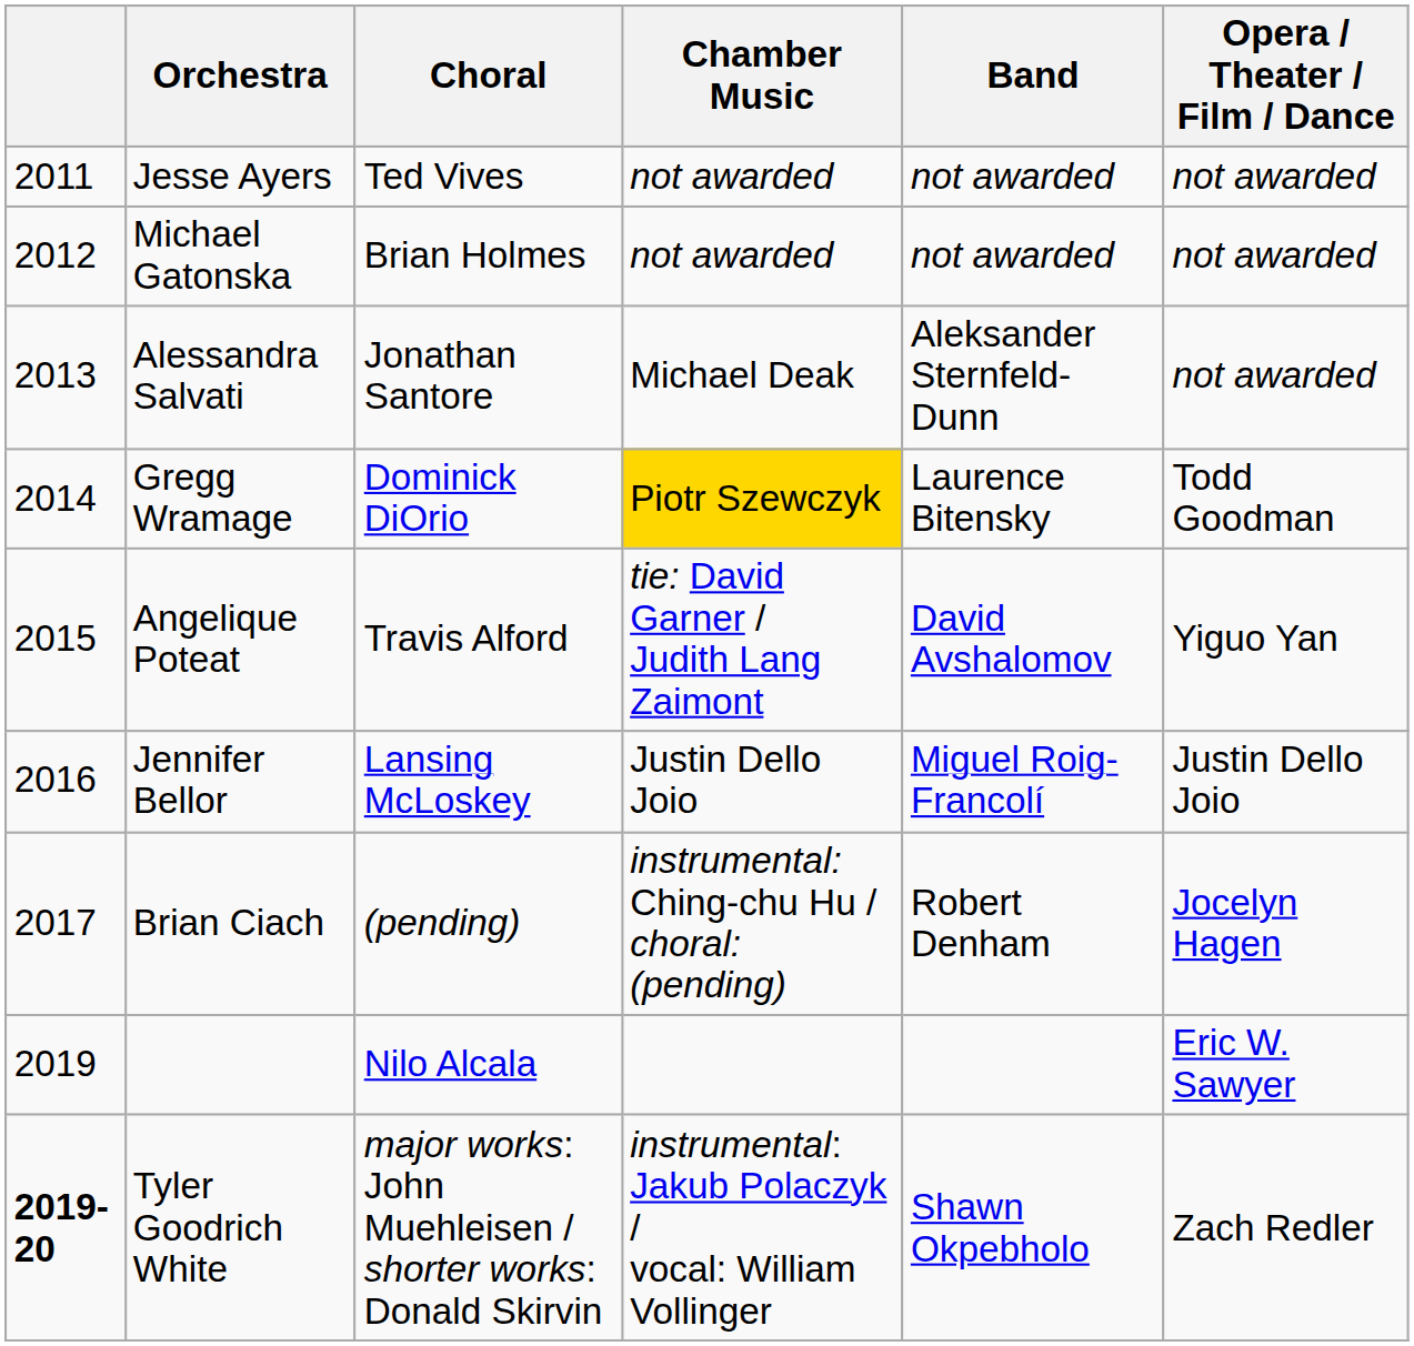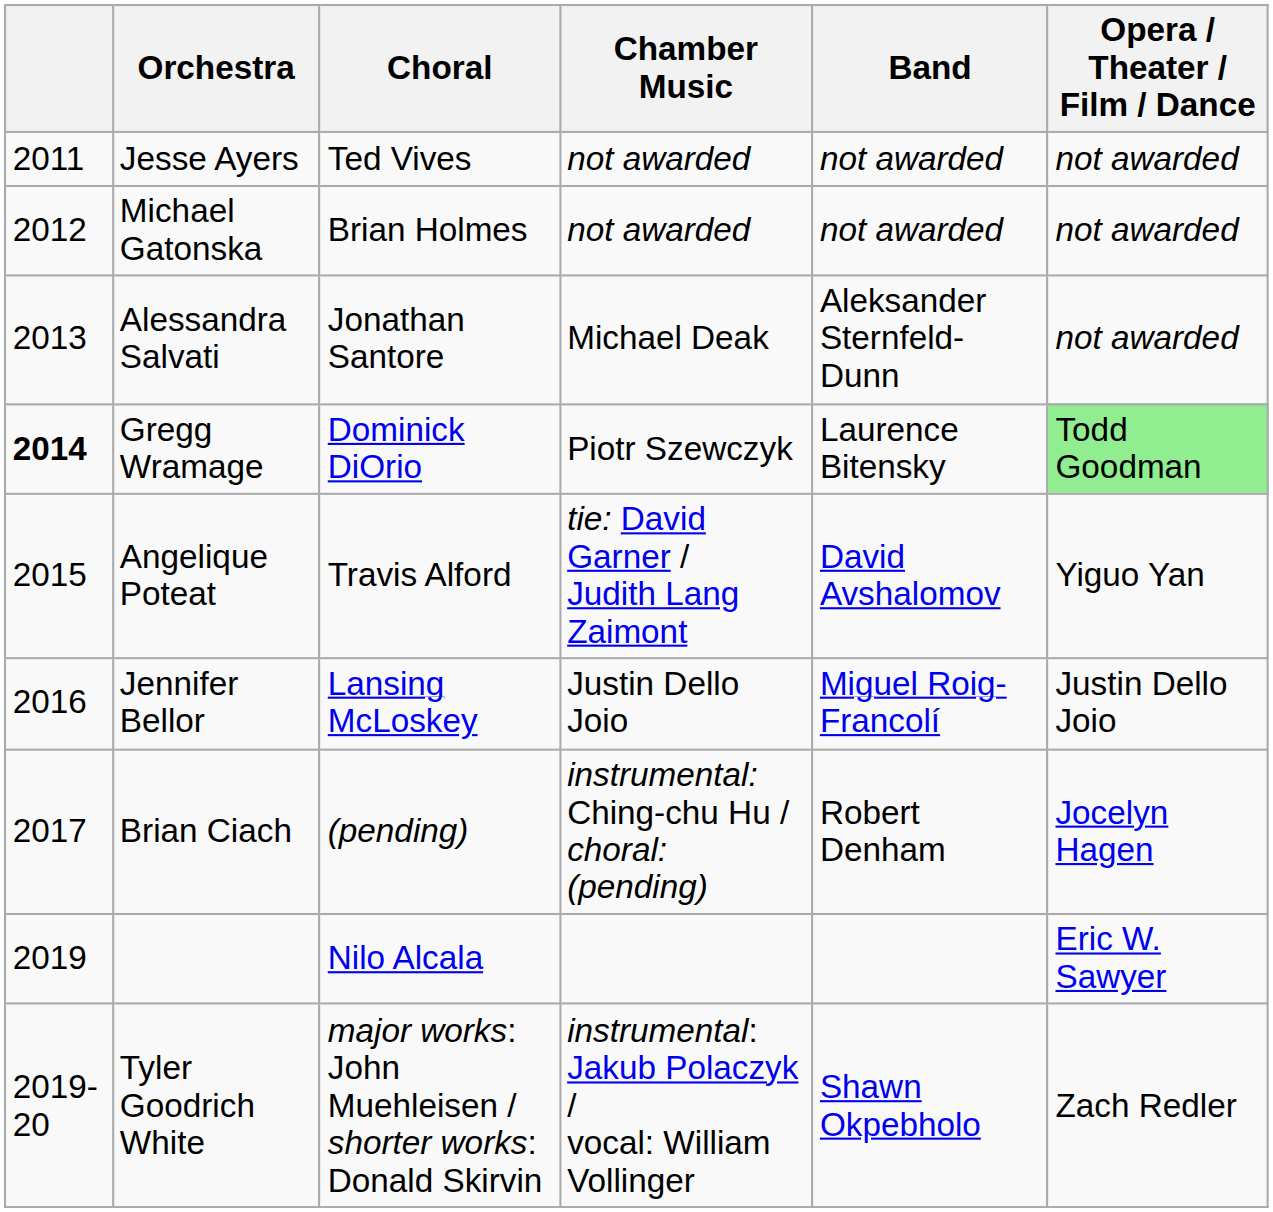 <table class="wikitable">
 <tr>
 <th></th>
 <th>Orchestra</th>
 <th>Choral</th>
 <th>Chamber Music</th>
 <th>Band</th>
 <th>Opera / Theater / Film / Dance</th>
 </tr>
 <tr>
 <td>2011</td>
 <td>Jesse Ayers</td>
 <td>Ted Vives</td>
 <td><em>not awarded</em></td>
 <td><em>not awarded</em></td>
 <td><em>not awarded</em></td>
 </tr>
 <tr>
 <td>2012</td>
 <td>Michael Gatonska</td>
 <td>Brian Holmes</td>
 <td><em>not awarded</em></td>
 <td><em>not awarded</em></td>
 <td><em>not awarded</em></td>
 </tr>
 <tr>
 <td>2013</td>
 <td>Alessandra Salvati</td>
 <td>Jonathan Santore</td>
 <td>Michael Deak</td>
 <td>Aleksander Sternfeld-Dunn</td>
 <td><em>not awarded</em></td>
 </tr>
 <tr>
-<td>2014</td>
+<td><strong>2014</strong></td>
 <td>Gregg Wramage</td>
 <td><a href='#'>Dominick DiOrio</a></td>
-<td style="background: gold;">Piotr Szewczyk</td>
+<td>Piotr Szewczyk</td>
 <td>Laurence Bitensky</td>
-<td>Todd Goodman</td>
+<td style="background: lightgreen;">Todd Goodman</td>
 </tr>
 <tr>
 <td>2015</td>
 <td>Angelique Poteat</td>
 <td>Travis Alford</td>
 <td><em>tie:</em> <a href='#'>David Garner</a> /<br><a href='#'>Judith Lang Zaimont</a></td>
 <td><a href='#'>David Avshalomov</a></td>
 <td>Yiguo Yan</td>
 </tr>
 <tr>
 <td>2016</td>
 <td>Jennifer Bellor</td>
 <td><a href='#'>Lansing McLoskey</a></td>
 <td>Justin Dello Joio</td>
 <td><a href='#'>Miguel Roig-Francolí</a></td>
 <td>Justin Dello Joio</td>
 </tr>
 <tr>
 <td>2017</td>
 <td>Brian Ciach</td>
 <td><em>(pending)</em></td>
 <td><em>instrumental:</em> Ching-chu Hu /<br><em>choral: (pending)</em></td>
 <td>Robert Denham</td>
 <td><a href='#'>Jocelyn Hagen</a></td>
 </tr>
 <tr>
 <td>2019</td>
 <td></td>
 <td><a href='#'>Nilo Alcala</a></td>
 <td></td>
 <td></td>
 <td><a href='#'>Eric W. Sawyer</a></td>
 </tr>
 <tr>
-<td><strong>2019-20</strong></td>
+<td>2019-20</td>
 <td>Tyler Goodrich White</td>
 <td><em>major works</em>: John Muehleisen /<br><em>shorter works</em>: Donald Skirvin</td>
 <td><em>instrumental</em>: <a href='#'>Jakub Polaczyk</a> /<br>vocal: William Vollinger</td>
 <td><a href='#'>Shawn Okpebholo</a></td>
 <td>Zach Redler</td>
 </tr>
 <tr>
 </tr>
 </table>
